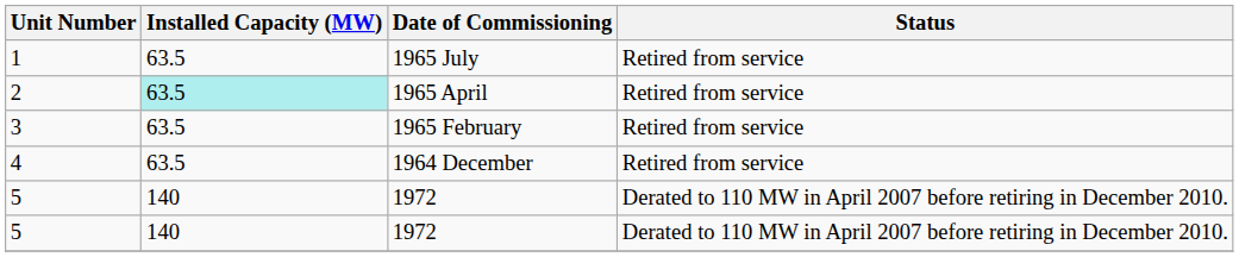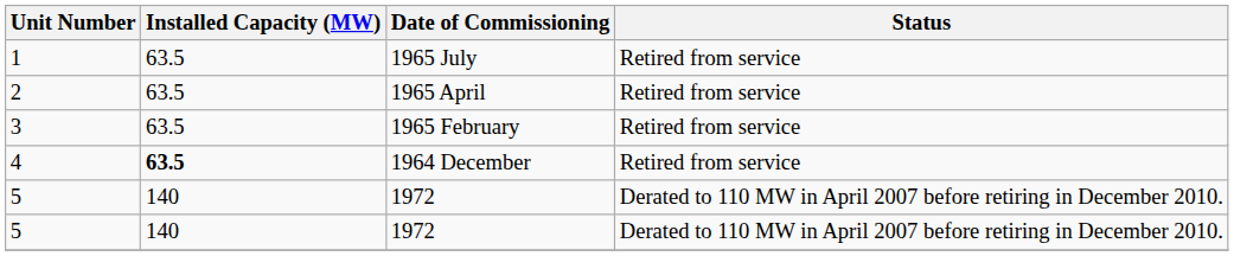 <table class="sortable wikitable">
 <tr>
 <th>Unit Number</th>
 <th>Installed Capacity (<a href='#'>MW</a>)</th>
 <th>Date of Commissioning</th>
 <th>Status</th>
 </tr>
 <tr>
 <td>1</td>
 <td>63.5</td>
 <td>1965 July</td>
 <td>Retired from service </td>
 </tr>
 <tr>
 <td>2</td>
-<td style="background: paleturquoise;">63.5</td>
+<td>63.5</td>
 <td>1965 April</td>
 <td>Retired from service</td>
 </tr>
 <tr>
 <td>3</td>
 <td>63.5</td>
 <td>1965 February</td>
 <td>Retired from service</td>
 </tr>
 <tr>
 <td>4</td>
-<td>63.5</td>
+<td><strong>63.5</strong></td>
 <td>1964 December</td>
 <td>Retired from service</td>
 </tr>
 <tr>
 <td>5</td>
 <td>140</td>
 <td>1972</td>
 <td>Derated to 110 MW in April 2007 before retiring in December 2010.</td>
 </tr>
 <tr>
 <td>5</td>
 <td>140</td>
 <td>1972</td>
 <td>Derated to 110 MW in April 2007 before retiring in December 2010.</td>
 </tr>
 <tr>
 </tr>
 </table>
